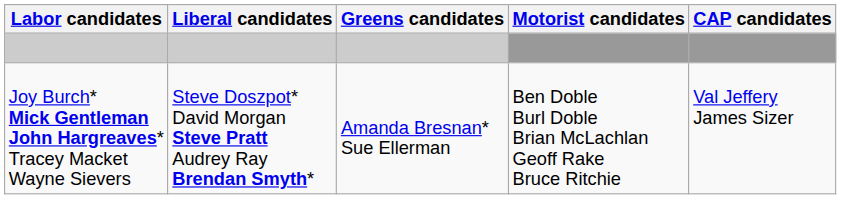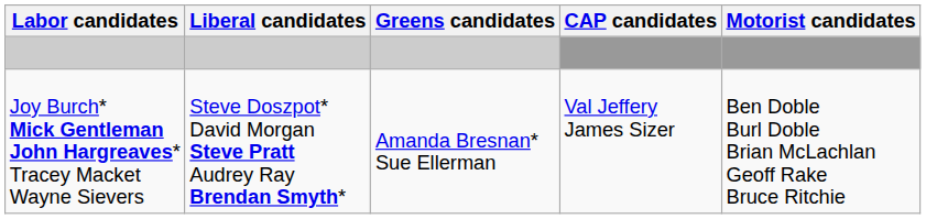 <table class="wikitable">
 <tr>
 <th><a href='#'>Labor</a> candidates</th>
 <th><a href='#'>Liberal</a> candidates</th>
 <th><a href='#'>Greens</a> candidates</th>
+<th><a href='#'>CAP</a> candidates</th>
 <th><a href='#'>Motorist</a> candidates</th>
-<th><a href='#'>CAP</a> candidates</th>
 </tr>
 <tr style="background:#ccc;">
 <td></td>
 <td></td>
 <td></td>
 <td style="background:#999;"> </td>
 <td style="background:#999;"> </td>
 </tr>
 <tr>
 <td><br><a href='#'>Joy Burch</a>*<br> <strong><a href='#'>Mick Gentleman</a></strong><br> <strong><a href='#'>John Hargreaves</a></strong>*<br> Tracey Macket<br> Wayne Sievers</td>
 <td><br><a href='#'>Steve Doszpot</a>*<br> David Morgan<br> <strong><a href='#'>Steve Pratt</a></strong> <br> Audrey Ray<br> <strong><a href='#'>Brendan Smyth</a></strong>*</td>
 <td><br><a href='#'>Amanda Bresnan</a>* <br> Sue Ellerman</td>
+<td valign=top><br><a href='#'>Val Jeffery</a> <br> James Sizer</td>
 <td valign=top><br>Ben Doble <br> Burl Doble <br> Brian McLachlan <br> Geoff Rake <br> Bruce Ritchie</td>
-<td valign=top><br><a href='#'>Val Jeffery</a> <br> James Sizer</td>
 </tr>
 </table>
